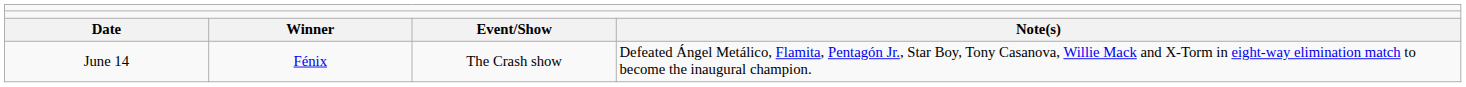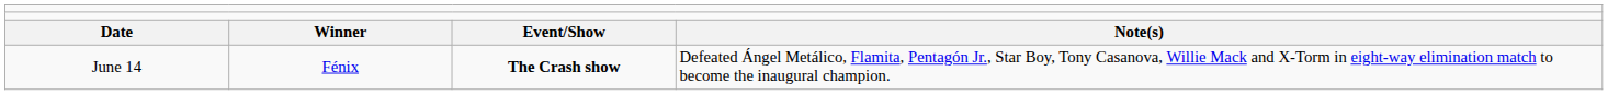 <table class="wikitable" style="text-align:center; width:100%;">
 <tr>
 <td colspan="5"></td>
 </tr>
 <tr>
 <td colspan="5"><strong></strong></td>
 </tr>
 <tr>
 <th width=14%>Date</th>
 <th width=14%>Winner</th>
 <th width=14%>Event/Show</th>
 <th width=58%>Note(s)</th>
 </tr>
 <tr>
 <td>June 14</td>
 <td><a href='#'>Fénix</a></td>
-<td>The Crash show</td>
+<td><strong>The Crash show</strong></td>
 <td align=left>Defeated Ángel Metálico, <a href='#'>Flamita</a>, <a href='#'>Pentagón Jr.</a>, Star Boy, Tony Casanova, <a href='#'>Willie Mack</a> and X-Torm in <a href='#'>eight-way elimination match</a> to become the inaugural champion.</td>
 </tr>
 </table>
